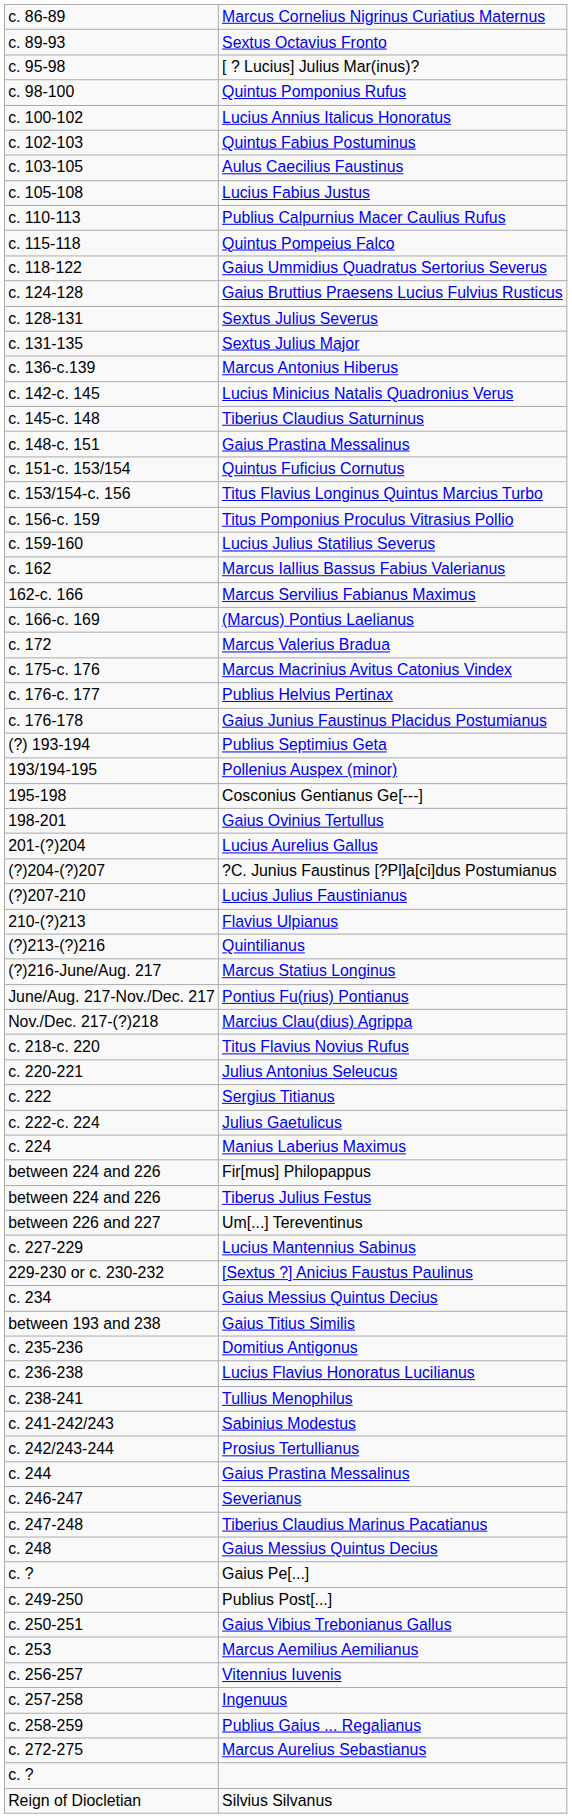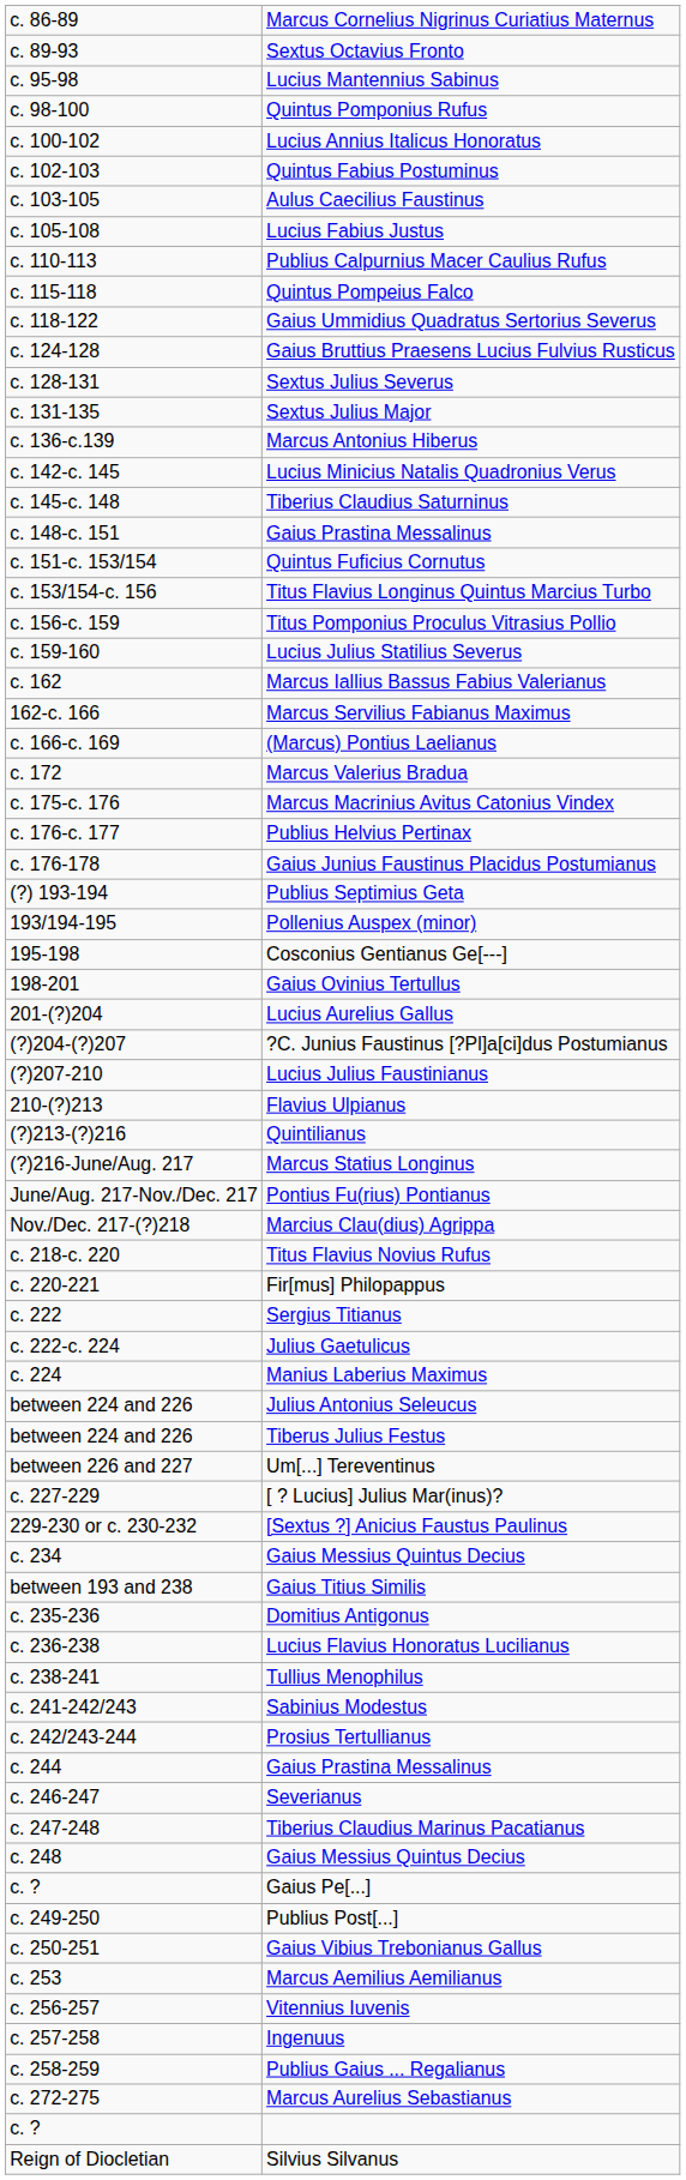 <table class="wikitable">
 <tr>
 <td>c. 86-89</td>
 <td><a href='#'>Marcus Cornelius Nigrinus Curiatius Maternus</a></td>
 </tr>
 <tr>
 <td>c. 89-93</td>
 <td><a href='#'>Sextus Octavius Fronto</a></td>
 </tr>
 <tr>
 <td>c. 95-98</td>
-<td>[ ? Lucius] Julius Mar(inus)?</td>
+<td><a href='#'>Lucius Mantennius Sabinus</a></td>
 </tr>
 <tr>
 <td>c. 98-100</td>
 <td><a href='#'>Quintus Pomponius Rufus</a></td>
 </tr>
 <tr>
 <td>c. 100-102</td>
 <td><a href='#'>Lucius Annius Italicus Honoratus</a></td>
 </tr>
 <tr>
 <td>c. 102-103</td>
 <td><a href='#'>Quintus Fabius Postuminus</a></td>
 </tr>
 <tr>
 <td>c. 103-105</td>
 <td><a href='#'>Aulus Caecilius Faustinus</a></td>
 </tr>
 <tr>
 <td>c. 105-108</td>
 <td><a href='#'>Lucius Fabius Justus</a></td>
 </tr>
 <tr>
 <td>c. 110-113</td>
 <td><a href='#'>Publius Calpurnius Macer Caulius Rufus</a></td>
 </tr>
 <tr>
 <td>c. 115-118</td>
 <td><a href='#'>Quintus Pompeius Falco</a></td>
 </tr>
 <tr>
 <td>c. 118-122</td>
 <td><a href='#'>Gaius Ummidius Quadratus Sertorius Severus</a></td>
 </tr>
 <tr>
 <td>c. 124-128</td>
 <td><a href='#'>Gaius Bruttius Praesens Lucius Fulvius Rusticus</a></td>
 </tr>
 <tr>
 <td>c. 128-131</td>
 <td><a href='#'>Sextus Julius Severus</a></td>
 </tr>
 <tr>
 <td>c. 131-135</td>
 <td><a href='#'>Sextus Julius Major</a></td>
 </tr>
 <tr>
 <td>c. 136-c.139</td>
 <td><a href='#'>Marcus Antonius Hiberus</a></td>
 </tr>
 <tr>
 <td>c. 142-c. 145</td>
 <td><a href='#'>Lucius Minicius Natalis Quadronius Verus</a></td>
 </tr>
 <tr>
 <td>c. 145-c. 148</td>
 <td><a href='#'>Tiberius Claudius Saturninus</a></td>
 </tr>
 <tr>
 <td>c. 148-c. 151</td>
 <td><a href='#'>Gaius Prastina Messalinus</a></td>
 </tr>
 <tr>
 <td>c. 151-c. 153/154</td>
 <td><a href='#'>Quintus Fuficius Cornutus</a></td>
 </tr>
 <tr>
 <td>c. 153/154-c. 156</td>
 <td><a href='#'>Titus Flavius Longinus Quintus Marcius Turbo</a></td>
 </tr>
 <tr>
 <td>c. 156-c. 159</td>
 <td><a href='#'>Titus Pomponius Proculus Vitrasius Pollio</a></td>
 </tr>
 <tr>
 <td>c. 159-160</td>
 <td><a href='#'>Lucius Julius Statilius Severus</a></td>
 </tr>
 <tr>
 <td>c. 162</td>
 <td><a href='#'>Marcus Iallius Bassus Fabius Valerianus</a></td>
 </tr>
 <tr>
 <td>162-c. 166</td>
 <td><a href='#'>Marcus Servilius Fabianus Maximus</a></td>
 </tr>
 <tr>
 <td>c. 166-c. 169</td>
 <td><a href='#'>(Marcus) Pontius Laelianus</a></td>
 </tr>
 <tr>
 <td>c. 172</td>
 <td><a href='#'>Marcus Valerius Bradua</a></td>
 </tr>
 <tr>
 <td>c. 175-c. 176</td>
 <td><a href='#'>Marcus Macrinius Avitus Catonius Vindex</a></td>
 </tr>
 <tr>
 <td>c. 176-c. 177</td>
 <td><a href='#'>Publius Helvius Pertinax</a></td>
 </tr>
 <tr>
 <td>c. 176-178</td>
 <td><a href='#'>Gaius Junius Faustinus Placidus Postumianus</a></td>
 </tr>
 <tr>
 <td>(?) 193-194</td>
 <td><a href='#'>Publius Septimius Geta</a></td>
 </tr>
 <tr>
 <td>193/194-195</td>
 <td><a href='#'>Pollenius Auspex (minor)</a></td>
 </tr>
 <tr>
 <td>195-198</td>
 <td>Cosconius Gentianus Ge[---]</td>
 </tr>
 <tr>
 <td>198-201</td>
 <td><a href='#'>Gaius Ovinius Tertullus</a></td>
 </tr>
 <tr>
 <td>201-(?)204</td>
 <td><a href='#'>Lucius Aurelius Gallus</a></td>
 </tr>
 <tr>
 <td>(?)204-(?)207</td>
 <td>?C. Junius Faustinus [?Pl]a[ci]dus Postumianus</td>
 </tr>
 <tr>
 <td>(?)207-210</td>
 <td><a href='#'>Lucius Julius Faustinianus</a></td>
 </tr>
 <tr>
 <td>210-(?)213</td>
 <td><a href='#'>Flavius Ulpianus</a></td>
 </tr>
 <tr>
 <td>(?)213-(?)216</td>
 <td><a href='#'>Quintilianus</a></td>
 </tr>
 <tr>
 <td>(?)216-June/Aug. 217</td>
 <td><a href='#'>Marcus Statius Longinus</a></td>
 </tr>
 <tr>
 <td>June/Aug. 217-Nov./Dec. 217</td>
 <td><a href='#'>Pontius Fu(rius) Pontianus</a></td>
 </tr>
 <tr>
 <td>Nov./Dec. 217-(?)218</td>
 <td><a href='#'>Marcius Clau(dius) Agrippa</a></td>
 </tr>
 <tr>
 <td>c. 218-c. 220</td>
 <td><a href='#'>Titus Flavius Novius Rufus</a></td>
 </tr>
 <tr>
 <td>c. 220-221</td>
-<td><a href='#'>Julius Antonius Seleucus</a></td>
+<td>Fir[mus] Philopappus</td>
 </tr>
 <tr>
 <td>c. 222</td>
 <td><a href='#'>Sergius Titianus</a></td>
 </tr>
 <tr>
 <td>c. 222-c. 224</td>
 <td><a href='#'>Julius Gaetulicus</a></td>
 </tr>
 <tr>
 <td>c. 224</td>
 <td><a href='#'>Manius Laberius Maximus</a></td>
 </tr>
 <tr>
 <td>between 224 and 226</td>
-<td>Fir[mus] Philopappus</td>
+<td><a href='#'>Julius Antonius Seleucus</a></td>
 </tr>
 <tr>
 <td>between 224 and 226</td>
 <td><a href='#'>Tiberus Julius Festus</a></td>
 </tr>
 <tr>
 <td>between 226 and 227</td>
 <td>Um[...] Tereventinus</td>
 </tr>
 <tr>
 <td>c. 227-229</td>
-<td><a href='#'>Lucius Mantennius Sabinus</a></td>
+<td>[ ? Lucius] Julius Mar(inus)?</td>
 </tr>
 <tr>
 <td>229-230 or c. 230-232</td>
 <td><a href='#'>[Sextus ?] Anicius Faustus Paulinus</a></td>
 </tr>
 <tr>
 <td>c. 234</td>
 <td><a href='#'>Gaius Messius Quintus Decius</a></td>
 </tr>
 <tr>
 <td>between 193 and 238</td>
 <td><a href='#'>Gaius Titius Similis</a></td>
 </tr>
 <tr>
 <td>c. 235-236</td>
 <td><a href='#'>Domitius Antigonus</a></td>
 </tr>
 <tr>
 <td>c. 236-238</td>
 <td><a href='#'>Lucius Flavius Honoratus Lucilianus</a></td>
 </tr>
 <tr>
 <td>c. 238-241</td>
 <td><a href='#'>Tullius Menophilus</a></td>
 </tr>
 <tr>
 <td>c. 241-242/243</td>
 <td><a href='#'>Sabinius Modestus</a></td>
 </tr>
 <tr>
 <td>c. 242/243-244</td>
 <td><a href='#'>Prosius Tertullianus</a></td>
 </tr>
 <tr>
 <td>c. 244</td>
 <td><a href='#'>Gaius Prastina Messalinus</a></td>
 </tr>
 <tr>
 <td>c. 246-247</td>
 <td><a href='#'>Severianus</a></td>
 </tr>
 <tr>
 <td>c. 247-248</td>
 <td><a href='#'>Tiberius Claudius Marinus Pacatianus</a></td>
 </tr>
 <tr>
 <td>c. 248</td>
 <td><a href='#'>Gaius Messius Quintus Decius</a></td>
 </tr>
 <tr>
 <td>c. ?</td>
 <td>Gaius Pe[...]</td>
 </tr>
 <tr>
 <td>c. 249-250</td>
 <td>Publius Post[...]</td>
 </tr>
 <tr>
 <td>c. 250-251</td>
 <td><a href='#'>Gaius Vibius Trebonianus Gallus</a></td>
 </tr>
 <tr>
 <td>c. 253</td>
 <td><a href='#'>Marcus Aemilius Aemilianus</a></td>
 </tr>
 <tr>
 <td>c. 256-257</td>
 <td><a href='#'>Vitennius Iuvenis</a></td>
 </tr>
 <tr>
 <td>c. 257-258</td>
 <td><a href='#'>Ingenuus</a></td>
 </tr>
 <tr>
 <td>c. 258-259</td>
 <td><a href='#'>Publius Gaius ... Regalianus</a></td>
 </tr>
 <tr>
 <td>c. 272-275</td>
 <td><a href='#'>Marcus Aurelius Sebastianus</a></td>
 </tr>
 <tr>
 <td>c. ?</td>
 <td></td>
 </tr>
 <tr>
 <td>Reign of Diocletian</td>
 <td>Silvius Silvanus</td>
 </tr>
 </table>
